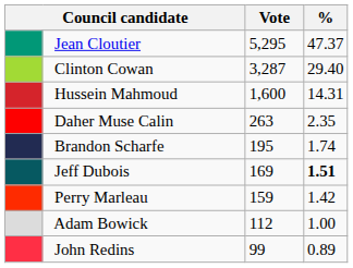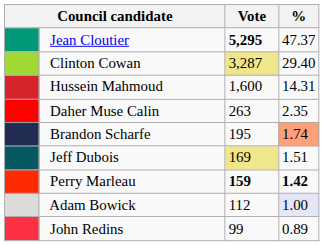 <table class="wikitable">
 <tr>
 <th width="230px" colspan="2">Council candidate</th>
 <th width="50px">Vote</th>
 <th width="30px">%</th>
 </tr>
 <tr>
 <td bgcolor=#019877 width="30px"> </td>
 <td>  <a href='#'>Jean Cloutier</a></td>
-<td>5,295</td>
+<td><strong>5,295</strong></td>
 <td>47.37</td>
 </tr>
 <tr>
 <td bgcolor=#A2DA35 width="30px"> </td>
 <td>  Clinton Cowan</td>
-<td>3,287</td>
+<td style="background: khaki;">3,287</td>
 <td>29.40</td>
 </tr>
 <tr>
 <td bgcolor=#D5242B width="30px"> </td>
 <td>  Hussein Mahmoud</td>
 <td>1,600</td>
 <td>14.31</td>
 </tr>
 <tr>
 <td bgcolor=#FE0000 width="30px"> </td>
 <td>  Daher Muse Calin</td>
 <td>263</td>
 <td>2.35</td>
 </tr>
 <tr>
 <td bgcolor=#222B52 width="30px"> </td>
 <td>  Brandon Scharfe</td>
 <td>195</td>
-<td>1.74</td>
+<td style="background: lightsalmon;">1.74</td>
 </tr>
 <tr>
 <td bgcolor=#065961 width="30px"> </td>
 <td>  Jeff Dubois</td>
-<td>169</td>
-<td><strong>1.51</strong></td>
+<td style="background: khaki;">169</td>
+<td>1.51</td>
 </tr>
 <tr>
 <td bgcolor=#FE2B00 width="30px"> </td>
 <td>  Perry Marleau</td>
-<td>159</td>
-<td>1.42</td>
+<td><strong>159</strong></td>
+<td><strong>1.42</strong></td>
 </tr>
 <tr>
 <td bgcolor=#DCDCDC width="30px"> </td>
 <td>  Adam Bowick</td>
 <td>112</td>
-<td>1.00</td>
+<td style="background: lavender;">1.00</td>
 </tr>
 <tr>
 <td bgcolor=#FF2F45 width="30px"> </td>
 <td>  John Redins</td>
 <td>99</td>
 <td>0.89</td>
 </tr>
 </table>
